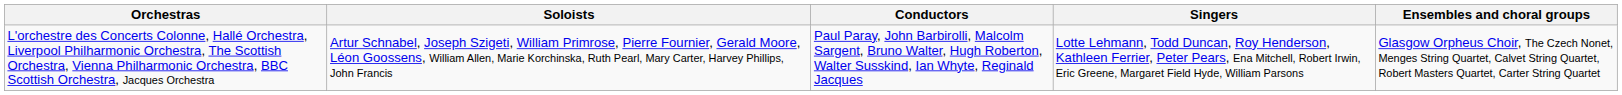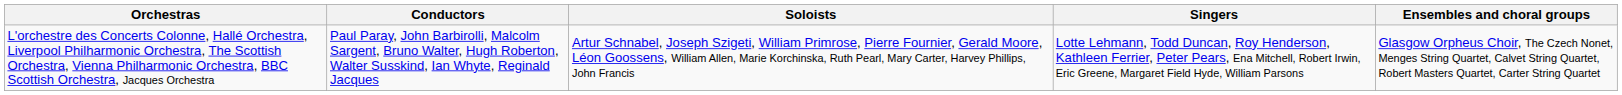 <table class="wikitable toptextcells">
 <tr class="hintergrundfarbe5">
 <th style="width:20%;">Orchestras</th>
+<th style="width:15%;">Conductors</th>
 <th style="width:30%;">Soloists</th>
-<th style="width:15%;">Conductors</th>
 <th style="width:20%;">Singers</th>
 <th style="width:15%;">Ensembles and choral groups</th>
 </tr>
 <tr>
 <td><a href='#'>L'orchestre des Concerts Colonne</a>, <a href='#'>Hallé Orchestra</a>, <a href='#'>Liverpool Philharmonic Orchestra</a>, <a href='#'>The Scottish Orchestra</a>, <a href='#'>Vienna Philharmonic Orchestra</a>, <a href='#'>BBC Scottish Orchestra</a>, <small>Jacques Orchestra</small></td>
+<td><a href='#'>Paul Paray</a>, <a href='#'>John Barbirolli</a>, <a href='#'>Malcolm Sargent</a>, <a href='#'>Bruno Walter</a>, <a href='#'>Hugh Roberton</a>, <a href='#'>Walter Susskind</a>, <a href='#'>Ian Whyte</a>, <a href='#'>Reginald Jacques</a></td>
 <td><a href='#'>Artur Schnabel</a>, <a href='#'>Joseph Szigeti</a>, <a href='#'>William Primrose</a>, <a href='#'>Pierre Fournier</a>, <a href='#'>Gerald Moore</a>, <a href='#'>Léon Goossens</a>, <small>William Allen, Marie Korchinska, Ruth Pearl, Mary Carter, Harvey Phillips, John Francis</small></td>
-<td><a href='#'>Paul Paray</a>, <a href='#'>John Barbirolli</a>, <a href='#'>Malcolm Sargent</a>, <a href='#'>Bruno Walter</a>, <a href='#'>Hugh Roberton</a>, <a href='#'>Walter Susskind</a>, <a href='#'>Ian Whyte</a>, <a href='#'>Reginald Jacques</a></td>
 <td><a href='#'>Lotte Lehmann</a>, <a href='#'>Todd Duncan</a>, <a href='#'>Roy Henderson</a>, <a href='#'>Kathleen Ferrier</a>, <a href='#'>Peter Pears</a>, <small>Ena Mitchell, Robert Irwin, Eric Greene, Margaret Field Hyde, William Parsons</small></td>
 <td><a href='#'>Glasgow Orpheus Choir</a>, <small>The Czech Nonet, Menges String Quartet, Calvet String Quartet, Robert Masters Quartet, Carter String Quartet</small></td>
 </tr>
 </table>
